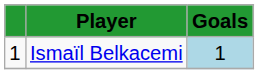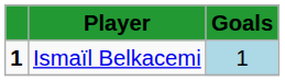 <table border="0" class="wikitable" style="text-align:center;font-size:95%">
 <tr>
 <th scope=col style="color:#000000; background:#229933;"></th>
 <th scope=col style="color:#000000; background:#229933;">Player</th>
 <th scope=col style="color:#000000; background:#229933;">Goals</th>
 </tr>
 <tr>
-<td align=left>1</td>
+<td align=left><strong>1</strong></td>
 <td align=left> <a href='#'>Ismaïl Belkacemi</a></td>
 <td align=center style="background: lightblue;">1</td>
 </tr>
 <tr>
 </tr>
 </table>
